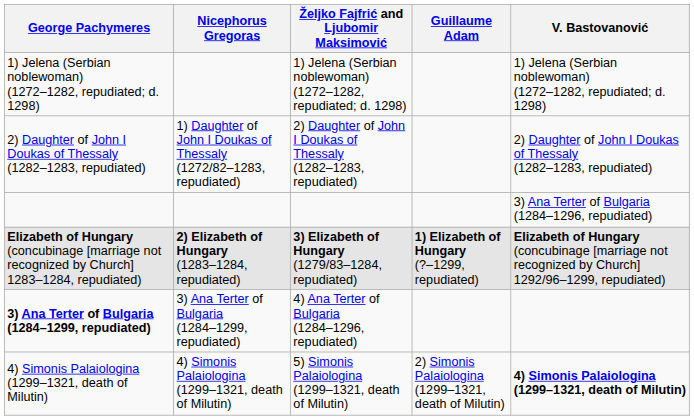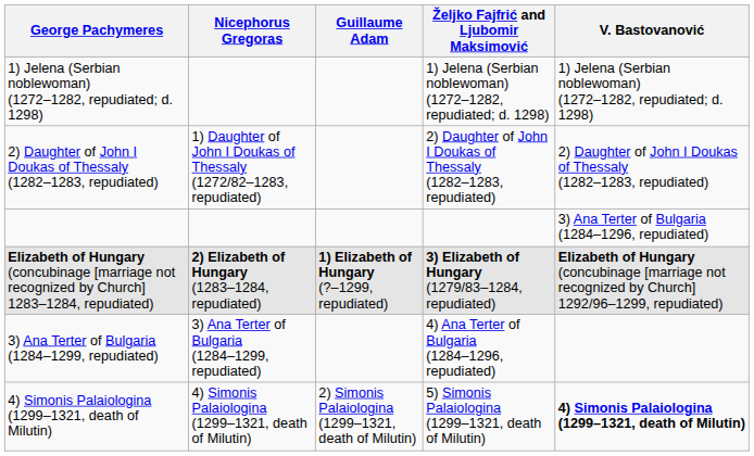 <table class="wikitable">
 <tr>
 <th><a href='#'>George Pachymeres</a></th>
 <th><a href='#'>Nicephorus Gregoras</a></th>
+<th><a href='#'>Guillaume Adam</a></th>
 <th><a href='#'>Željko Fajfrić</a> and<br> <a href='#'>Ljubomir Maksimović</a></th>
-<th><a href='#'>Guillaume Adam</a></th>
 <th>V. Bastovanović</th>
 </tr>
 <tr>
 <td>1) Jelena (Serbian noblewoman)<br>(1272–1282, repudiated; d. 1298)</td>
 <td></td>
+<td></td>
 <td>1) Jelena (Serbian noblewoman)<br>(1272–1282, repudiated; d. 1298)</td>
-<td></td>
 <td>1) Jelena (Serbian noblewoman)<br>(1272–1282, repudiated; d. 1298)</td>
 </tr>
 <tr>
 <td>2) <a href='#'>Daughter</a> of <a href='#'>John I Doukas of Thessaly</a><br>(1282–1283, repudiated)</td>
 <td>1) <a href='#'>Daughter</a> of <a href='#'>John I Doukas of Thessaly</a><br>(1272/82–1283, repudiated)</td>
+<td></td>
 <td>2) <a href='#'>Daughter</a> of <a href='#'>John I Doukas of Thessaly</a><br>(1282–1283, repudiated)</td>
-<td></td>
 <td>2) <a href='#'>Daughter</a> of <a href='#'>John I Doukas of Thessaly</a><br>(1282–1283, repudiated)</td>
 </tr>
 <tr>
 <td></td>
 <td></td>
 <td></td>
 <td></td>
 <td>3) <a href='#'>Ana Terter</a> of <a href='#'>Bulgaria</a><br>(1284–1296, repudiated)</td>
 </tr>
 <tr bgcolor="#e5e5e5">
 <td><strong>Elizabeth of Hungary</strong><br>(concubinage [marriage not recognized by Church] 1283–1284, repudiated)</td>
 <td><strong>2) Elizabeth of Hungary</strong><br>(1283–1284, repudiated)</td>
+<td><strong>1) Elizabeth of Hungary</strong><br>(?–1299, repudiated)</td>
 <td><strong>3) Elizabeth of Hungary</strong><br>(1279/83–1284, repudiated)</td>
-<td><strong>1) Elizabeth of Hungary</strong><br>(?–1299, repudiated)</td>
 <td><strong>Elizabeth of Hungary</strong><br>(concubinage [marriage not recognized by Church] 1292/96–1299, repudiated)</td>
 </tr>
 <tr>
-<td><strong>3) <a href='#'>Ana Terter</a> of <a href='#'>Bulgaria</a><br>(1284–1299, repudiated)</strong></td>
 <td>3) <a href='#'>Ana Terter</a> of <a href='#'>Bulgaria</a><br>(1284–1299, repudiated)</td>
+<td>3) <a href='#'>Ana Terter</a> of <a href='#'>Bulgaria</a><br>(1284–1299, repudiated)</td>
+<td></td>
 <td>4) <a href='#'>Ana Terter</a> of <a href='#'>Bulgaria</a><br>(1284–1296, repudiated)</td>
-<td></td>
 <td></td>
 </tr>
 <tr>
 <td>4) <a href='#'>Simonis Palaiologina</a><br>(1299–1321, death of Milutin)</td>
 <td>4) <a href='#'>Simonis Palaiologina</a><br>(1299–1321, death of Milutin)</td>
+<td>2) <a href='#'>Simonis Palaiologina</a><br>(1299–1321, death of Milutin)</td>
 <td>5) <a href='#'>Simonis Palaiologina</a><br>(1299–1321, death of Milutin)</td>
-<td>2) <a href='#'>Simonis Palaiologina</a><br>(1299–1321, death of Milutin)</td>
 <td><strong>4) <a href='#'>Simonis Palaiologina</a><br>(1299–1321, death of Milutin)</strong></td>
 </tr>
 </table>
